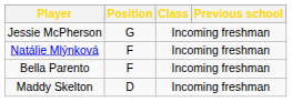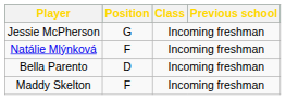 <table class="wikitable">
 <tr style="text-align:center; background:#006438; color:gold;">
 <th>Player</th>
 <th>Position</th>
 <th>Class</th>
 <th>Previous school</th>
 </tr>
 <tr style="text-align:center;" bgcolor="">
 <td>Jessie McPherson</td>
 <td>G</td>
 <td colspan="2">Incoming freshman</td>
 </tr>
 <tr style="text-align:center;" bgcolor="">
 <td><a href='#'>Natálie Mlýnková</a></td>
 <td>F</td>
 <td colspan="2">Incoming freshman</td>
 </tr>
 <tr style="text-align:center;" bgcolor="">
 <td>Bella Parento</td>
-<td>F</td>
+<td>D</td>
 <td colspan="2">Incoming freshman</td>
 </tr>
 <tr style="text-align:center;" bgcolor="">
 <td>Maddy Skelton</td>
-<td>D</td>
+<td>F</td>
 <td colspan="2">Incoming freshman</td>
 </tr>
 </table>
